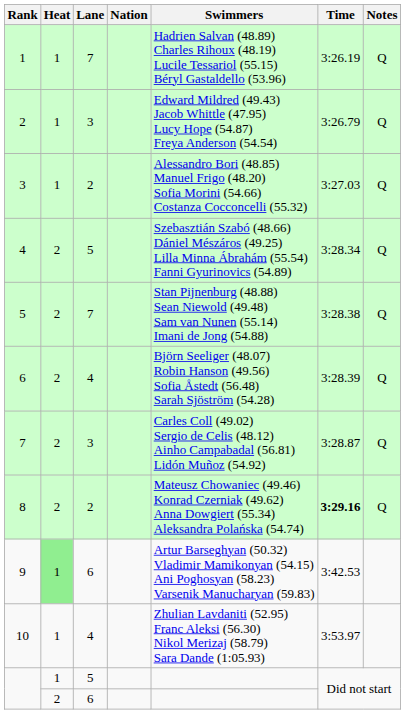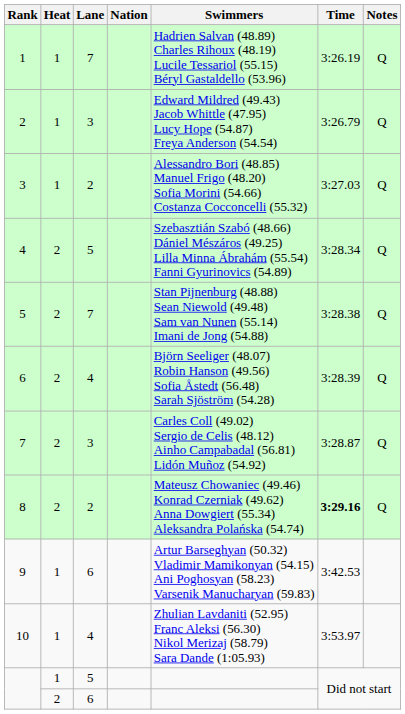 <table class="wikitable sortable" style="text-align:center">
 <tr>
 <th>Rank</th>
 <th>Heat</th>
 <th>Lane</th>
 <th>Nation</th>
 <th>Swimmers</th>
 <th>Time</th>
 <th>Notes</th>
 </tr>
 <tr bgcolor=ccffcc>
 <td>1</td>
 <td>1</td>
 <td>7</td>
 <td align=left></td>
 <td align=left><a href='#'>Hadrien Salvan</a> (48.89)<br><a href='#'>Charles Rihoux</a> (48.19)<br><a href='#'>Lucile Tessariol</a> (55.15)<br><a href='#'>Béryl Gastaldello</a> (53.96)</td>
 <td>3:26.19</td>
 <td>Q</td>
 </tr>
 <tr bgcolor=ccffcc>
 <td>2</td>
 <td>1</td>
 <td>3</td>
 <td align=left></td>
 <td align=left><a href='#'>Edward Mildred</a> (49.43)<br><a href='#'>Jacob Whittle</a> (47.95)<br><a href='#'>Lucy Hope</a> (54.87)<br><a href='#'>Freya Anderson</a> (54.54)</td>
 <td>3:26.79</td>
 <td>Q</td>
 </tr>
 <tr bgcolor=ccffcc>
 <td>3</td>
 <td>1</td>
 <td>2</td>
 <td align=left></td>
 <td align=left><a href='#'>Alessandro Bori</a> (48.85)<br><a href='#'>Manuel Frigo</a> (48.20)<br><a href='#'>Sofia Morini</a> (54.66)<br><a href='#'>Costanza Cocconcelli</a> (55.32)</td>
 <td>3:27.03</td>
 <td>Q</td>
 </tr>
 <tr bgcolor=ccffcc>
 <td>4</td>
 <td>2</td>
 <td>5</td>
 <td align=left></td>
 <td align=left><a href='#'>Szebasztián Szabó</a> (48.66)<br><a href='#'>Dániel Mészáros</a> (49.25)<br><a href='#'>Lilla Minna Ábrahám</a> (55.54)<br><a href='#'>Fanni Gyurinovics</a> (54.89)</td>
 <td>3:28.34</td>
 <td>Q</td>
 </tr>
 <tr bgcolor=ccffcc>
 <td>5</td>
 <td>2</td>
 <td>7</td>
 <td align=left></td>
 <td align=left><a href='#'>Stan Pijnenburg</a> (48.88)<br><a href='#'>Sean Niewold</a> (49.48)<br><a href='#'>Sam van Nunen</a> (55.14)<br><a href='#'>Imani de Jong</a> (54.88)</td>
 <td>3:28.38</td>
 <td>Q</td>
 </tr>
 <tr bgcolor=ccffcc>
 <td>6</td>
 <td>2</td>
 <td>4</td>
 <td align=left></td>
 <td align=left><a href='#'>Björn Seeliger</a> (48.07)<br><a href='#'>Robin Hanson</a> (49.56)<br><a href='#'>Sofia Åstedt</a> (56.48)<br><a href='#'>Sarah Sjöström</a> (54.28)</td>
 <td>3:28.39</td>
 <td>Q</td>
 </tr>
 <tr bgcolor=ccffcc>
 <td>7</td>
 <td>2</td>
 <td>3</td>
 <td align=left></td>
 <td align=left><a href='#'>Carles Coll</a> (49.02)<br><a href='#'>Sergio de Celis</a> (48.12)<br><a href='#'>Ainho Campabadal</a> (56.81)<br><a href='#'>Lidón Muñoz</a> (54.92)</td>
 <td>3:28.87</td>
 <td>Q</td>
 </tr>
 <tr bgcolor=ccffcc>
 <td>8</td>
 <td>2</td>
 <td>2</td>
 <td align=left></td>
 <td align=left><a href='#'>Mateusz Chowaniec</a> (49.46)<br><a href='#'>Konrad Czerniak</a> (49.62)<br><a href='#'>Anna Dowgiert</a> (55.34)<br><a href='#'>Aleksandra Polańska</a> (54.74)</td>
 <td><strong>3:29.16</strong></td>
 <td>Q</td>
 </tr>
 <tr>
 <td>9</td>
-<td style="background: lightgreen;">1</td>
+<td>1</td>
 <td>6</td>
 <td align=left></td>
 <td align=left><a href='#'>Artur Barseghyan</a> (50.32)<br><a href='#'>Vladimir Mamikonyan</a> (54.15)<br><a href='#'>Ani Poghosyan</a> (58.23)<br><a href='#'>Varsenik Manucharyan</a> (59.83)</td>
 <td>3:42.53</td>
 <td></td>
 </tr>
 <tr>
 <td>10</td>
 <td>1</td>
 <td>4</td>
 <td align=left></td>
 <td align=left><a href='#'>Zhulian Lavdaniti</a> (52.95)<br><a href='#'>Franc Aleksi</a> (56.30)<br><a href='#'>Nikol Merizaj</a> (58.79)<br><a href='#'>Sara Dande</a> (1:05.93)</td>
 <td>3:53.97</td>
 <td></td>
 </tr>
 <tr>
 <td rowspan=2></td>
 <td>1</td>
 <td>5</td>
 <td align=left></td>
 <td align=left></td>
 <td colspan=2 rowspan=2>Did not start</td>
 </tr>
 <tr>
 <td>2</td>
 <td>6</td>
 <td align=left></td>
 <td align=left></td>
 </tr>
 </table>
